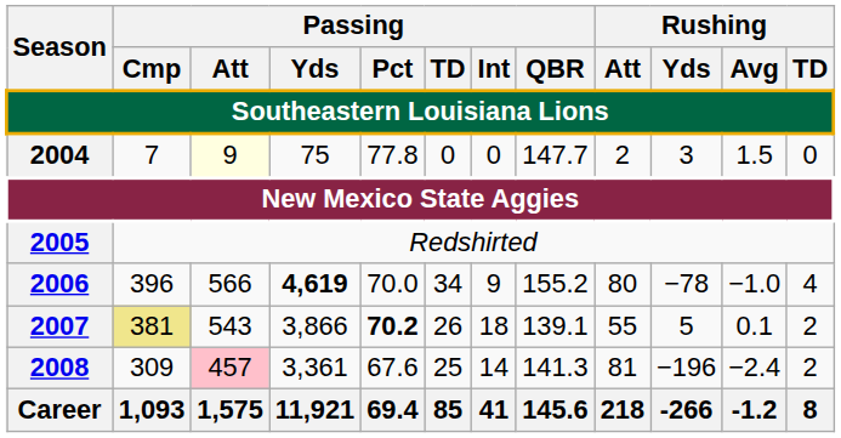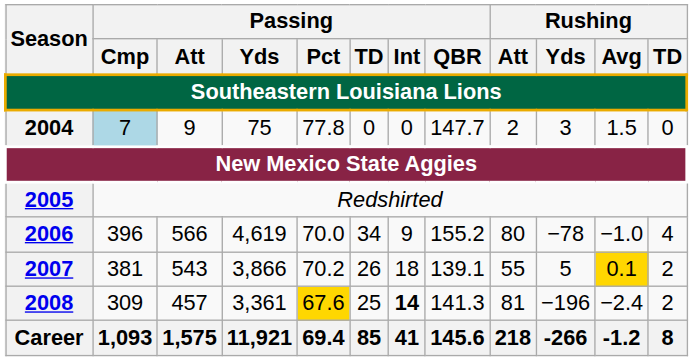 <table class=wikitable style="text-align:center;">
 <tr>
 <th rowspan="2">Season</th>
 <th colspan="7">Passing</th>
 <th colspan="4">Rushing</th>
 </tr>
 <tr>
 <th>Cmp</th>
 <th>Att</th>
 <th>Yds</th>
 <th>Pct</th>
 <th>TD</th>
 <th>Int</th>
 <th>QBR</th>
 <th>Att</th>
 <th>Yds</th>
 <th>Avg</th>
 <th>TD</th>
 </tr>
 <tr>
 <th colspan="12" style="background: #006643; border: 2px solid #EAAB00; color:white;">Southeastern Louisiana Lions</th>
 </tr>
 <tr>
 <th>2004</th>
-<td>7</td>
-<td style="background: lightyellow;">9</td>
+<td style="background: lightblue;">7</td>
+<td>9</td>
 <td>75</td>
 <td>77.8</td>
 <td>0</td>
 <td>0</td>
 <td>147.7</td>
 <td>2</td>
 <td>3</td>
 <td>1.5</td>
 <td>0</td>
 </tr>
 <tr>
 <th colspan="12" style="background: #882345; border: 2px solid #ffffff; color:#ffffff;">New Mexico State Aggies</th>
 </tr>
 <tr>
 <th><a href='#'>2005</a></th>
 <td colspan="11"><em>Redshirted</em></td>
 </tr>
 <tr>
 <th><a href='#'>2006</a></th>
 <td>396</td>
 <td>566</td>
-<td><strong>4,619</strong></td>
+<td>4,619</td>
 <td>70.0</td>
 <td>34</td>
 <td>9</td>
 <td>155.2</td>
 <td>80</td>
 <td>−78</td>
 <td>−1.0</td>
 <td>4</td>
 </tr>
 <tr>
 <th><a href='#'>2007</a></th>
-<td style="background: khaki;">381</td>
+<td>381</td>
 <td>543</td>
 <td>3,866</td>
-<td><strong>70.2</strong></td>
+<td>70.2</td>
 <td>26</td>
 <td>18</td>
 <td>139.1</td>
 <td>55</td>
 <td>5</td>
-<td>0.1</td>
+<td style="background: gold;">0.1</td>
 <td>2</td>
 </tr>
 <tr>
 <th><a href='#'>2008</a></th>
 <td>309</td>
-<td style="background: pink;">457</td>
+<td>457</td>
 <td>3,361</td>
-<td>67.6</td>
+<td style="background: gold;">67.6</td>
 <td>25</td>
-<td>14</td>
+<td><strong>14</strong></td>
 <td>141.3</td>
 <td>81</td>
 <td>−196</td>
 <td>−2.4</td>
 <td>2</td>
 </tr>
 <tr>
 <th>Career</th>
 <th>1,093</th>
 <th>1,575</th>
 <th>11,921</th>
 <th>69.4</th>
 <th>85</th>
 <th>41</th>
 <th>145.6</th>
 <th>218</th>
 <th>-266</th>
 <th>-1.2</th>
 <th>8</th>
 </tr>
 </table>
